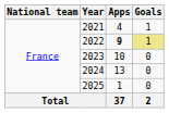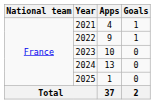 <table class="wikitable" style="text-align: center;">
 <tr>
 <th>National team</th>
 <th>Year</th>
 <th>Apps</th>
 <th>Goals</th>
 </tr>
 <tr>
 <td rowspan="5"><a href='#'>France</a></td>
 <td>2021</td>
 <td>4</td>
 <td>1</td>
 </tr>
 <tr>
 <td>2022</td>
-<td><strong>9</strong></td>
-<td style="background: khaki;">1</td>
+<td>9</td>
+<td>1</td>
 </tr>
 <tr>
 <td>2023</td>
 <td>10</td>
 <td>0</td>
 </tr>
 <tr>
 <td>2024</td>
 <td>13</td>
 <td>0</td>
 </tr>
 <tr>
 <td>2025</td>
 <td>1</td>
 <td>0</td>
 </tr>
 <tr>
 <th colspan="2">Total</th>
 <th>37</th>
 <th>2</th>
 </tr>
 </table>
